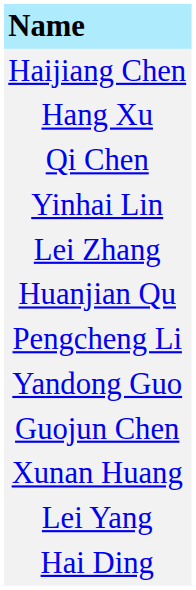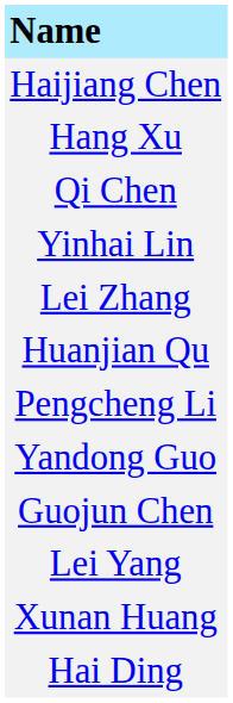 <table border=0 cellpadding=2 cellspacing=0  |- bgcolor=#F2F2F2 style="text-align:center; font-size:90%;">
 <tr bgcolor=#ADEBFD>
 <th align=left>Name</th>
 </tr>
 <tr>
 <td><a href='#'>Haijiang Chen</a></td>
 </tr>
 <tr>
 <td><a href='#'>Hang Xu</a></td>
 </tr>
 <tr>
 <td><a href='#'>Qi Chen</a></td>
 </tr>
 <tr>
 <td><a href='#'>Yinhai Lin</a></td>
 </tr>
 <tr>
 <td><a href='#'>Lei Zhang</a></td>
 </tr>
 <tr>
 <td><a href='#'>Huanjian Qu</a></td>
 </tr>
 <tr>
 <td><a href='#'>Pengcheng Li</a></td>
 </tr>
 <tr>
 <td><a href='#'>Yandong Guo</a></td>
 </tr>
 <tr>
 <td><a href='#'>Guojun Chen</a></td>
 </tr>
 <tr>
-<td><a href='#'>Xunan Huang</a></td>
+<td><a href='#'>Lei Yang</a></td>
 </tr>
 <tr>
-<td><a href='#'>Lei Yang</a></td>
+<td><a href='#'>Xunan Huang</a></td>
 </tr>
 <tr>
 <td><a href='#'>Hai Ding</a></td>
 </tr>
 </table>
